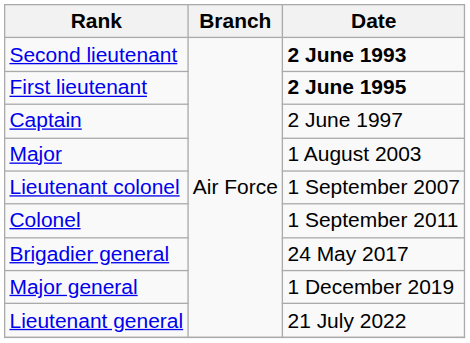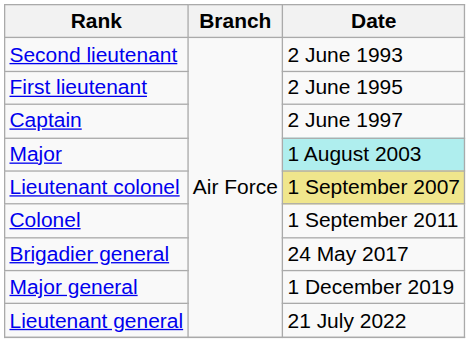 <table class="wikitable">
 <tr>
 <th>Rank</th>
 <th>Branch</th>
 <th>Date</th>
 </tr>
 <tr>
 <td> <a href='#'>Second lieutenant</a></td>
 <td rowspan=9>Air Force</td>
-<td><strong>2 June 1993</strong></td>
+<td>2 June 1993</td>
 </tr>
 <tr>
 <td> <a href='#'>First lieutenant</a></td>
-<td><strong>2 June 1995</strong></td>
+<td>2 June 1995</td>
 </tr>
 <tr>
 <td> <a href='#'>Captain</a></td>
 <td>2 June 1997</td>
 </tr>
 <tr>
 <td> <a href='#'>Major</a></td>
-<td>1 August 2003</td>
+<td style="background: paleturquoise;">1 August 2003</td>
 </tr>
 <tr>
 <td> <a href='#'>Lieutenant colonel</a></td>
-<td>1 September 2007</td>
+<td style="background: khaki;">1 September 2007</td>
 </tr>
 <tr>
 <td> <a href='#'>Colonel</a></td>
 <td>1 September 2011</td>
 </tr>
 <tr>
 <td> <a href='#'>Brigadier general</a></td>
 <td>24 May 2017</td>
 </tr>
 <tr>
 <td> <a href='#'>Major general</a></td>
 <td>1 December 2019</td>
 </tr>
 <tr>
 <td> <a href='#'>Lieutenant general</a></td>
 <td>21 July 2022</td>
 </tr>
 <tr>
 </tr>
 </table>
